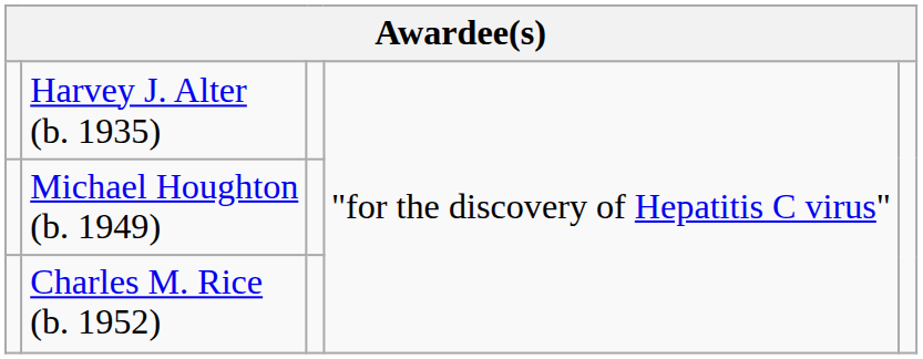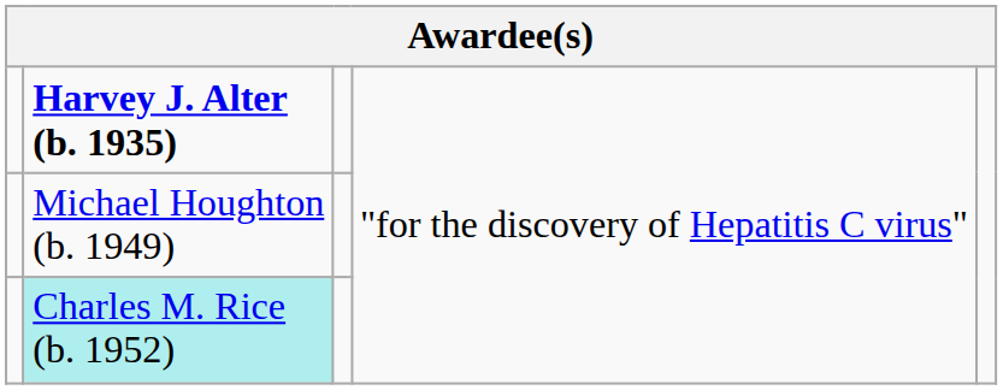 <table class="wikitable">
 <tr>
 <th colspan="5">Awardee(s)</th>
 </tr>
 <tr>
 <td></td>
-<td><a href='#'>Harvey J. Alter</a><br>(b. 1935)</td>
+<td><strong><a href='#'>Harvey J. Alter</a><br>(b. 1935)</strong></td>
 <td></td>
 <td rowspan="3">"for the discovery of <a href='#'>Hepatitis C virus</a>"</td>
 <td rowspan="3"></td>
 </tr>
 <tr>
 <td></td>
 <td><a href='#'>Michael Houghton</a><br>(b. 1949)</td>
 <td></td>
 </tr>
 <tr>
 <td></td>
-<td><a href='#'>Charles M. Rice</a><br>(b. 1952)</td>
+<td style="background: paleturquoise;"><a href='#'>Charles M. Rice</a><br>(b. 1952)</td>
 <td></td>
 </tr>
 </table>
